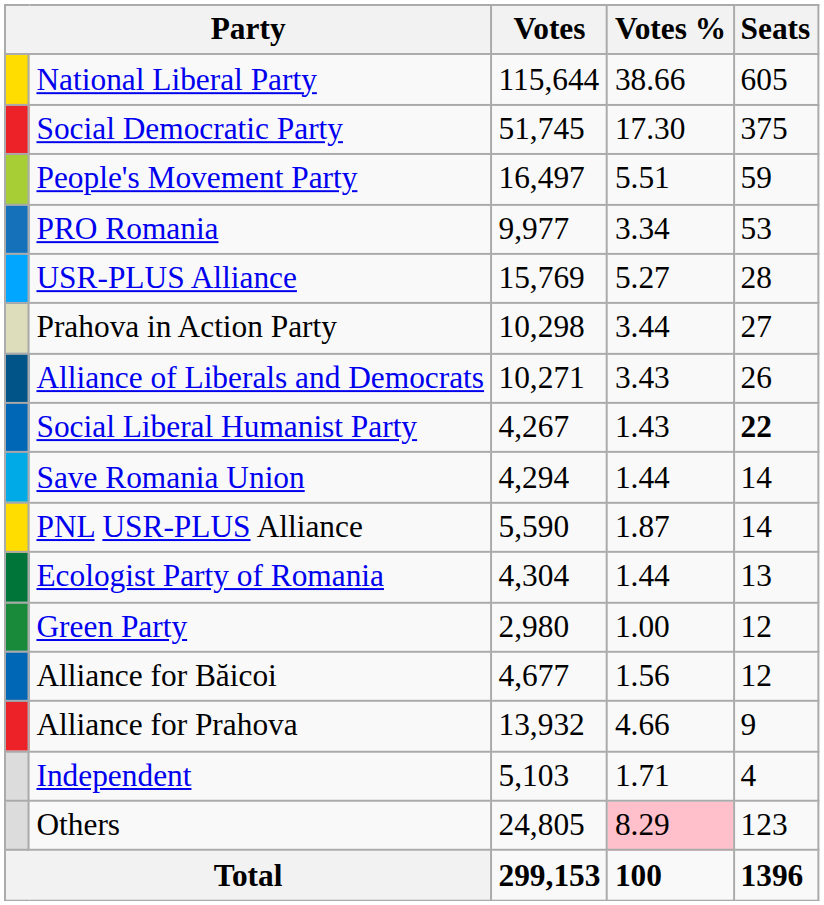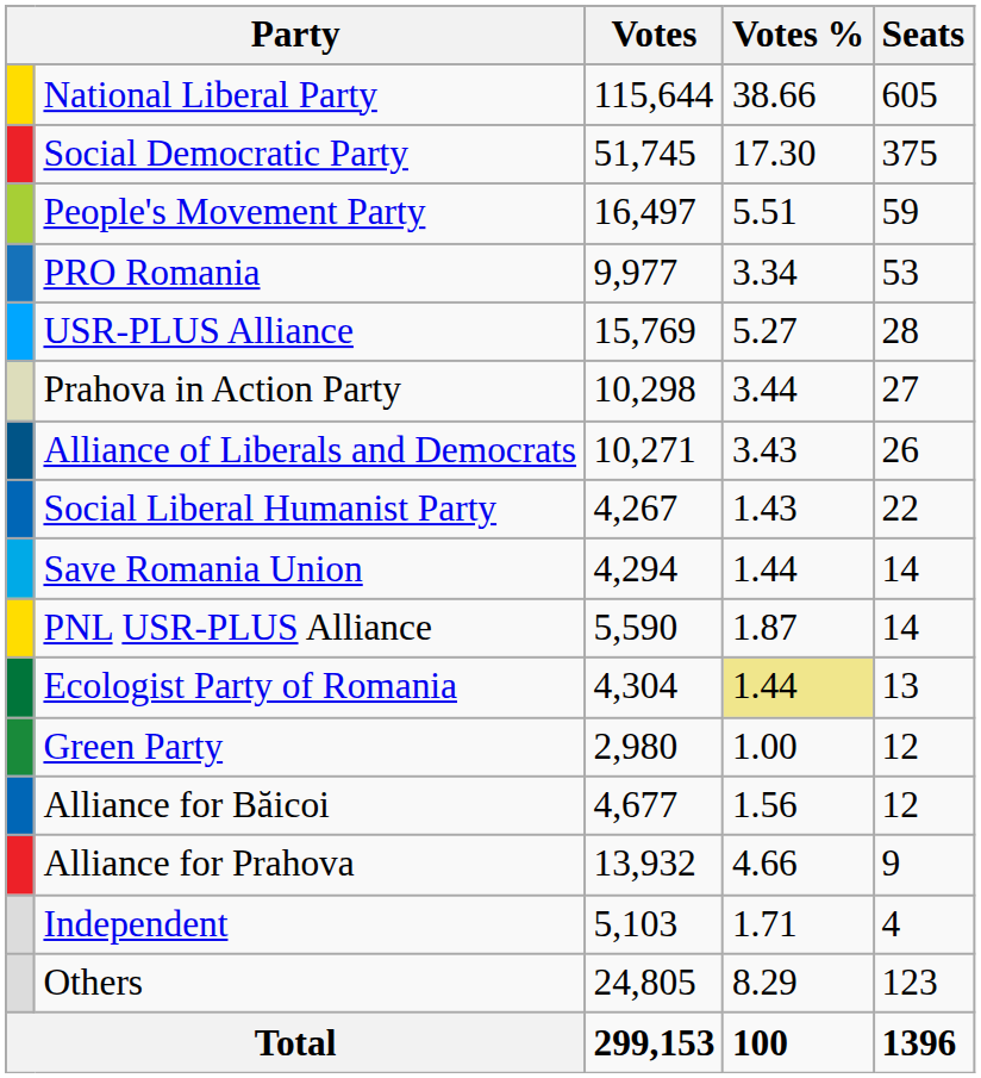 <table class="wikitable">
 <tr>
 <th colspan="2">Party</th>
 <th>Votes</th>
 <th>Votes %</th>
 <th>Seats</th>
 </tr>
 <tr>
 <td style="background:#ffdd00;" width="5"></td>
 <td><a href='#'>National Liberal Party</a></td>
 <td>115,644</td>
 <td>38.66</td>
 <td>605</td>
 </tr>
 <tr>
 <td style="background:#ed2128;" width="5"></td>
 <td><a href='#'>Social Democratic Party</a></td>
 <td>51,745</td>
 <td>17.30</td>
 <td>375</td>
 </tr>
 <tr>
 <td style="background:#a7cf35;" width="5"></td>
 <td><a href='#'>People's Movement Party</a></td>
 <td>16,497</td>
 <td>5.51</td>
 <td>59</td>
 </tr>
 <tr>
 <td style="background:#1572ba;" width="5"></td>
 <td><a href='#'>PRO Romania</a></td>
 <td>9,977</td>
 <td>3.34</td>
 <td>53</td>
 </tr>
 <tr>
 <td style="background:#00a6ff;" width="5"></td>
 <td><a href='#'>USR-PLUS Alliance</a></td>
 <td>15,769</td>
 <td>5.27</td>
 <td>28</td>
 </tr>
 <tr>
 <td style="background:#ddddbb;" width="5"></td>
 <td>Prahova in Action Party</td>
 <td>10,298</td>
 <td>3.44</td>
 <td>27</td>
 </tr>
 <tr>
 <td style="background:#005487;" width="5"></td>
 <td><a href='#'>Alliance of Liberals and Democrats</a></td>
 <td>10,271</td>
 <td>3.43</td>
 <td>26</td>
 </tr>
 <tr>
 <td style="background:#0066b6;" width="5"></td>
 <td><a href='#'>Social Liberal Humanist Party</a></td>
 <td>4,267</td>
 <td>1.43</td>
-<td><strong>22</strong></td>
+<td>22</td>
 </tr>
 <tr>
 <td style="background:#00aae7;" width="5"></td>
 <td><a href='#'>Save Romania Union</a></td>
 <td>4,294</td>
 <td>1.44</td>
 <td>14</td>
 </tr>
 <tr>
 <td style="background:#ffdd00;" width="5"></td>
 <td><a href='#'>PNL</a> <a href='#'>USR-PLUS</a> Alliance</td>
 <td>5,590</td>
 <td>1.87</td>
 <td>14</td>
 </tr>
 <tr>
 <td style="background:#00753a;" width="5"></td>
 <td><a href='#'>Ecologist Party of Romania</a></td>
 <td>4,304</td>
-<td>1.44</td>
+<td style="background: khaki;">1.44</td>
 <td>13</td>
 </tr>
 <tr>
 <td style="background:#198a3a;" width="5"></td>
 <td><a href='#'>Green Party</a></td>
 <td>2,980</td>
 <td>1.00</td>
 <td>12</td>
 </tr>
 <tr>
 <td style="background:#0066b6;" width="5"></td>
 <td>Alliance for Băicoi</td>
 <td>4,677</td>
 <td>1.56</td>
 <td>12</td>
 </tr>
 <tr>
 <td style="background:#ed2128;" width="5"></td>
 <td>Alliance for Prahova</td>
 <td>13,932</td>
 <td>4.66</td>
 <td>9</td>
 </tr>
 <tr>
 <td style="background:#dcdcdc;" width="5"></td>
 <td><a href='#'>Independent</a></td>
 <td>5,103</td>
 <td>1.71</td>
 <td>4</td>
 </tr>
 <tr>
 <td style="background:#dcdcdc;" width="5"></td>
 <td>Others</td>
 <td>24,805</td>
-<td style="background: pink;">8.29</td>
+<td>8.29</td>
 <td>123</td>
 </tr>
 <tr>
 <th colspan="2">Total</th>
 <td><strong>299,153</strong></td>
 <td><strong>100</strong></td>
 <td><strong>1396</strong></td>
 </tr>
 </table>
